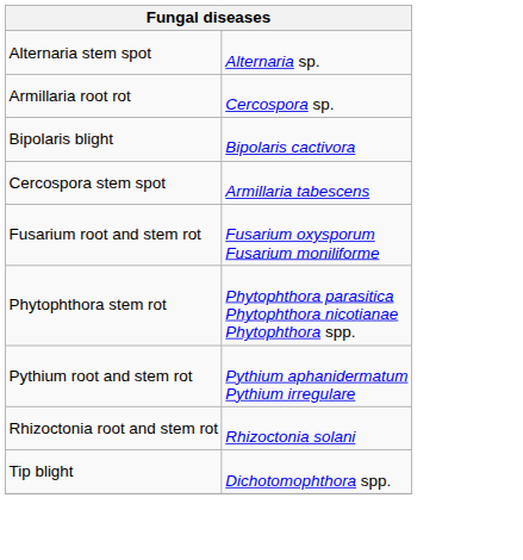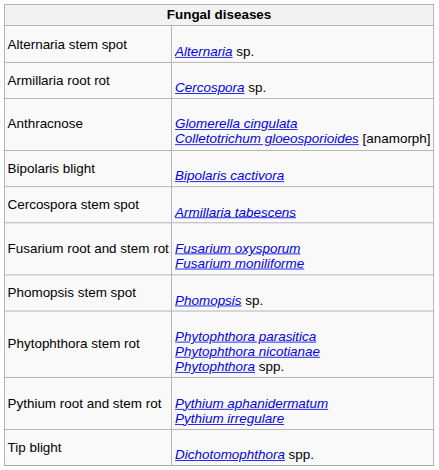 <table class="wikitable" style="clear">
 <tr>
 <th colspan=2><strong>Fungal diseases</strong><br></th>
 </tr>
 <tr>
 <td>Alternaria stem spot</td>
 <td><br><em><a href='#'>Alternaria</a></em> sp.</td>
 </tr>
 <tr>
 <td>Armillaria root rot</td>
 <td><br><em><a href='#'>Cercospora</a></em> sp.</td>
+</tr>
+<tr>
+<td>Anthracnose</td>
+<td><br><em><a href='#'>Glomerella cingulata</a></em><br> <em><a href='#'>Colletotrichum gloeosporioides</a></em> [anamorph]</td>
 </tr>
 <tr>
 <td>Bipolaris blight</td>
 <td><br><em><a href='#'>Bipolaris cactivora</a></em></td>
 </tr>
 <tr>
 <td>Cercospora stem spot</td>
 <td><br><em><a href='#'>Armillaria tabescens</a></em></td>
 </tr>
 <tr>
 <td>Fusarium root and stem rot</td>
 <td><br><em><a href='#'>Fusarium oxysporum</a></em><br> <em><a href='#'>Fusarium moniliforme</a></em></td>
 </tr>
 <tr>
+<td>Phomopsis stem spot</td>
+<td><br><em><a href='#'>Phomopsis</a></em> sp.</td>
+</tr>
+<tr>
 <td>Phytophthora stem rot</td>
 <td><br><em><a href='#'>Phytophthora parasitica</a></em><br>  <em><a href='#'>Phytophthora nicotianae</a></em><br> <em><a href='#'>Phytophthora</a></em> spp.</td>
 </tr>
 <tr>
 <td>Pythium root and stem rot</td>
 <td><br><em><a href='#'>Pythium aphanidermatum</a></em><br> <em><a href='#'>Pythium irregulare</a></em></td>
 </tr>
 <tr>
-<td>Rhizoctonia root and stem rot</td>
-<td><br><em><a href='#'>Rhizoctonia solani</a></em></td>
-</tr>
-<tr>
 <td>Tip blight</td>
 <td><br><em><a href='#'>Dichotomophthora</a></em> spp.</td>
 </tr>
 <tr>
 </tr>
 </table>
